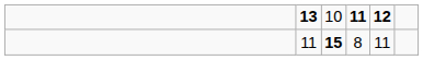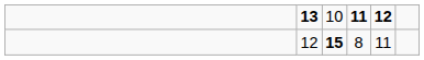 <table class="wikitable">
 <tr>
 <td style="width:18em"><strong></strong></td>
 <td align=center style="width:1em"><strong>13</strong></td>
 <td align=center style="width:1em">10</td>
 <td align=center style="width:1em"><strong>11</strong></td>
 <td align=center style="width:1em"><strong>12</strong></td>
 <td align=center style="width:1em"></td>
 </tr>
 <tr>
 <td style="width:18em"></td>
-<td align=center style="width:1em">11</td>
+<td align=center style="width:1em">12</td>
 <td align=center style="width:1em"><strong>15</strong></td>
 <td align=center style="width:1em">8</td>
 <td align=center style="width:1em">11</td>
 <td align=center style="width:1em"></td>
 </tr>
 </table>
